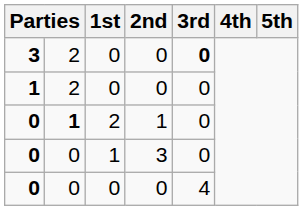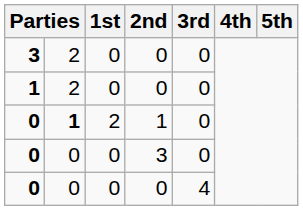 <table class="wikitable" style="text-align:right;">
 <tr>
 <th colspan=2 style="text-align:left;">Parties</th>
 <th>1st</th>
 <th>2nd</th>
 <th>3rd</th>
 <th>4th</th>
 <th>5th</th>
 </tr>
 <tr>
 <td><strong>3</strong></td>
 <td>2</td>
 <td>0</td>
 <td>0</td>
-<td><strong>0</strong></td>
+<td>0</td>
 </tr>
 <tr>
 <td><strong>1</strong></td>
 <td>2</td>
 <td>0</td>
 <td>0</td>
 <td>0</td>
 </tr>
 <tr>
 <td><strong>0</strong></td>
 <td><strong>1</strong></td>
 <td>2</td>
 <td>1</td>
 <td>0</td>
 </tr>
 <tr>
 <td><strong>0</strong></td>
 <td>0</td>
-<td>1</td>
+<td>0</td>
 <td>3</td>
 <td>0</td>
 </tr>
 <tr>
 <td><strong>0</strong></td>
 <td>0</td>
 <td>0</td>
 <td>0</td>
 <td>4</td>
 </tr>
 </table>
